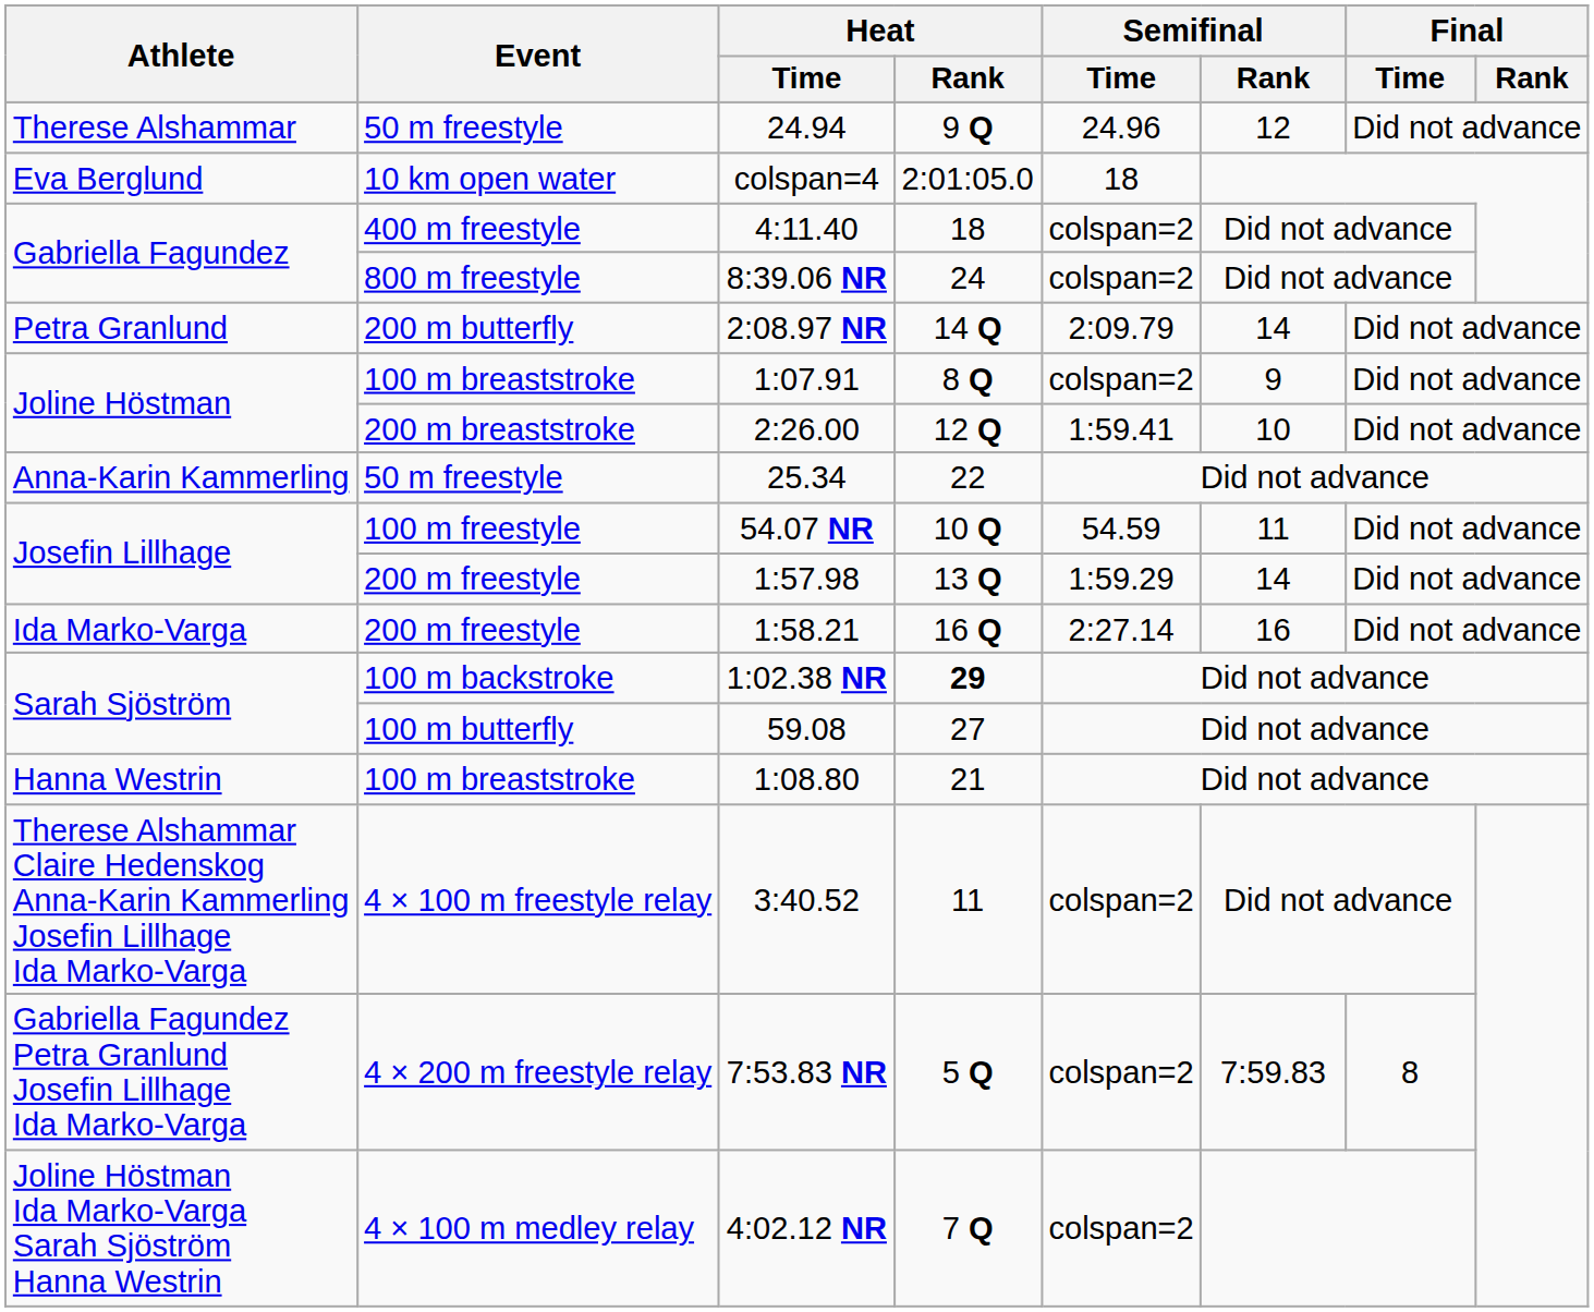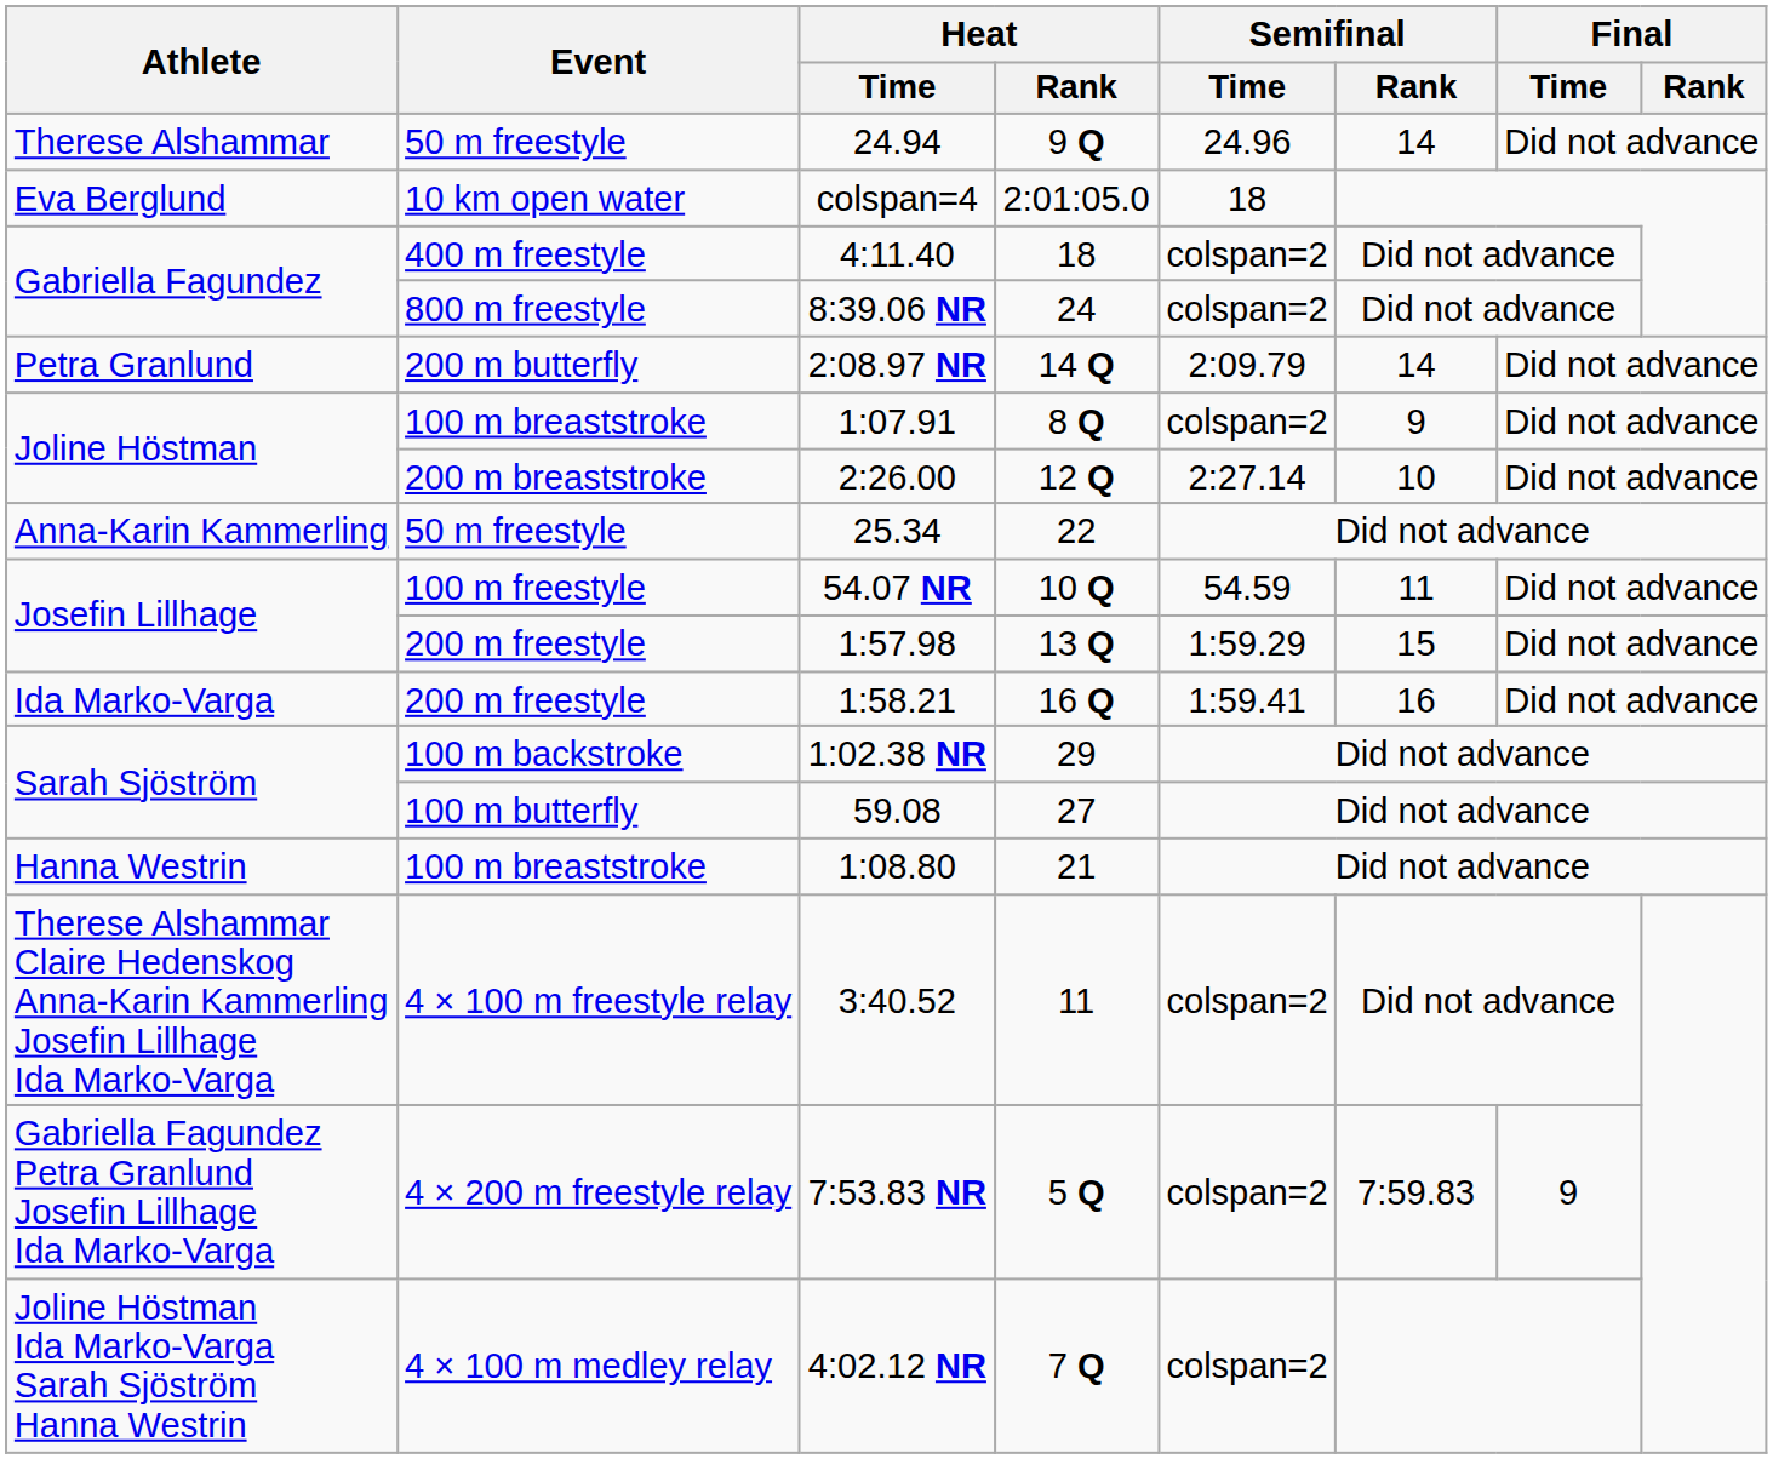 <table class=wikitable style="font-size:90%">
 <tr>
 <th rowspan="2">Athlete</th>
 <th rowspan="2">Event</th>
 <th colspan="2">Heat</th>
 <th colspan="2">Semifinal</th>
 <th colspan="2">Final</th>
 </tr>
 <tr style="font-size:95%">
 <th>Time</th>
 <th>Rank</th>
 <th>Time</th>
 <th>Rank</th>
 <th>Time</th>
 <th>Rank</th>
 </tr>
 <tr align=center>
 <td align=left><a href='#'>Therese Alshammar</a></td>
 <td align=left><a href='#'>50 m freestyle</a></td>
 <td>24.94</td>
 <td>9 <strong>Q</strong></td>
 <td>24.96</td>
-<td>12</td>
+<td>14</td>
 <td colspan=2>Did not advance</td>
 </tr>
 <tr align=center>
 <td align=left><a href='#'>Eva Berglund</a></td>
 <td align=left><a href='#'>10 km open water</a></td>
 <td>colspan=4 </td>
 <td>2:01:05.0</td>
 <td>18</td>
 </tr>
 <tr align=center>
 <td align=left rowspan=2><a href='#'>Gabriella Fagundez</a></td>
 <td align=left><a href='#'>400 m freestyle</a></td>
 <td>4:11.40</td>
 <td>18</td>
 <td>colspan=2 </td>
 <td colspan=2>Did not advance</td>
 </tr>
 <tr align=center>
 <td align=left><a href='#'>800 m freestyle</a></td>
 <td>8:39.06 <strong><a href='#'>NR</a></strong></td>
 <td>24</td>
 <td>colspan=2 </td>
 <td colspan=2>Did not advance</td>
 </tr>
 <tr align=center>
 <td align=left><a href='#'>Petra Granlund</a></td>
 <td align=left><a href='#'>200 m butterfly</a></td>
 <td>2:08.97 <strong><a href='#'>NR</a></strong></td>
 <td>14 <strong>Q</strong></td>
 <td>2:09.79</td>
 <td>14</td>
 <td colspan=2>Did not advance</td>
 </tr>
 <tr align=center>
 <td align=left rowspan=2><a href='#'>Joline Höstman</a></td>
 <td align=left><a href='#'>100 m breaststroke</a></td>
 <td>1:07.91</td>
 <td>8 <strong>Q</strong></td>
 <td>colspan=2 </td>
 <td>9</td>
 <td colspan=2>Did not advance</td>
 </tr>
 <tr align=center>
 <td align=left><a href='#'>200 m breaststroke</a></td>
 <td>2:26.00</td>
 <td>12 <strong>Q</strong></td>
-<td>1:59.41</td>
+<td>2:27.14</td>
 <td>10</td>
 <td colspan=4>Did not advance</td>
 </tr>
 <tr align=center>
 <td align=left><a href='#'>Anna-Karin Kammerling</a></td>
 <td align=left><a href='#'>50 m freestyle</a></td>
 <td>25.34</td>
 <td>22</td>
 <td colspan=4>Did not advance</td>
 </tr>
 <tr align=center>
 <td align=left rowspan=2><a href='#'>Josefin Lillhage</a></td>
 <td align=left><a href='#'>100 m freestyle</a></td>
 <td>54.07 <strong><a href='#'>NR</a></strong></td>
 <td>10 <strong>Q</strong></td>
 <td>54.59</td>
 <td>11</td>
 <td colspan=2>Did not advance</td>
 </tr>
 <tr align=center>
 <td align=left><a href='#'>200 m freestyle</a></td>
 <td>1:57.98</td>
 <td>13 <strong>Q</strong></td>
 <td>1:59.29</td>
-<td>14</td>
+<td>15</td>
 <td colspan=2>Did not advance</td>
 </tr>
 <tr align=center>
 <td align=left><a href='#'>Ida Marko-Varga</a></td>
 <td align=left><a href='#'>200 m freestyle</a></td>
 <td>1:58.21</td>
 <td>16 <strong>Q</strong></td>
-<td>2:27.14</td>
+<td>1:59.41</td>
 <td>16</td>
 <td colspan=2>Did not advance</td>
 </tr>
 <tr align=center>
 <td align=left rowspan=2><a href='#'>Sarah Sjöström</a></td>
 <td align=left><a href='#'>100 m backstroke</a></td>
 <td>1:02.38 <strong><a href='#'>NR</a></strong></td>
-<td><strong>29</strong></td>
+<td>29</td>
 <td colspan=4>Did not advance</td>
 </tr>
 <tr align=center>
 <td align=left><a href='#'>100 m butterfly</a></td>
 <td>59.08</td>
 <td>27</td>
 <td colspan=4>Did not advance</td>
 </tr>
 <tr align=center>
 <td align=left><a href='#'>Hanna Westrin</a></td>
 <td align=left><a href='#'>100 m breaststroke</a></td>
 <td>1:08.80</td>
 <td>21</td>
 <td colspan=4>Did not advance</td>
 </tr>
 <tr align=center>
 <td align=left><a href='#'>Therese Alshammar</a><br><a href='#'>Claire Hedenskog</a><br><a href='#'>Anna-Karin Kammerling</a><br><a href='#'>Josefin Lillhage</a><br><a href='#'>Ida Marko-Varga</a></td>
 <td align=left><a href='#'>4 × 100 m freestyle relay</a></td>
 <td>3:40.52</td>
 <td>11</td>
 <td>colspan=2 </td>
 <td colspan=2>Did not advance</td>
 </tr>
 <tr align=center>
 <td align=left><a href='#'>Gabriella Fagundez</a><br><a href='#'>Petra Granlund</a><br><a href='#'>Josefin Lillhage</a><br><a href='#'>Ida Marko-Varga</a></td>
 <td align=left><a href='#'>4 × 200 m freestyle relay</a></td>
 <td>7:53.83 <strong><a href='#'>NR</a></strong></td>
 <td>5 <strong>Q</strong></td>
 <td>colspan=2 </td>
 <td>7:59.83</td>
-<td>8</td>
+<td>9</td>
 </tr>
 <tr align=center>
 <td align=left><a href='#'>Joline Höstman</a><br><a href='#'>Ida Marko-Varga</a><br><a href='#'>Sarah Sjöström</a><br><a href='#'>Hanna Westrin</a></td>
 <td align=left><a href='#'>4 × 100 m medley relay</a></td>
 <td>4:02.12 <strong><a href='#'>NR</a></strong></td>
 <td>7 <strong>Q</strong></td>
 <td>colspan=2 </td>
 <td colspan=2></td>
 </tr>
 </table>
